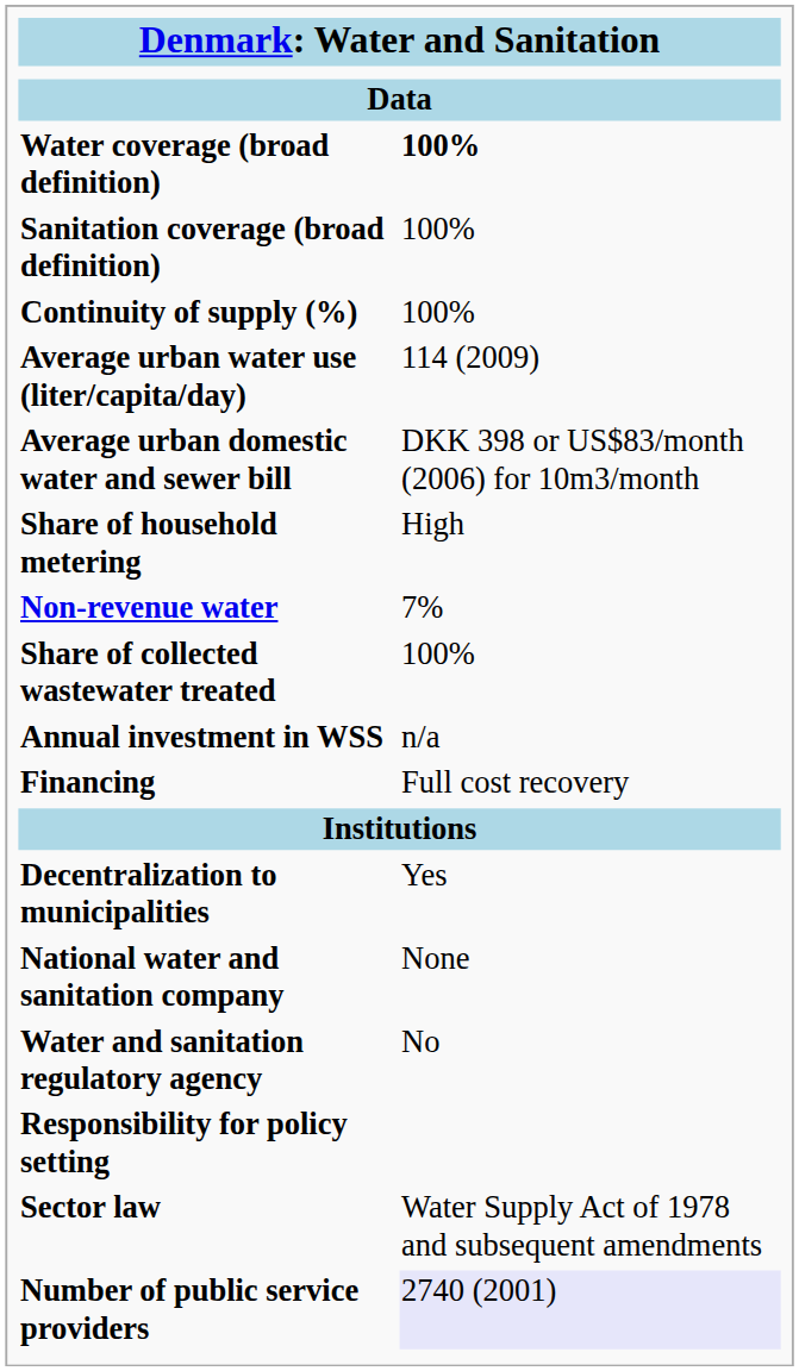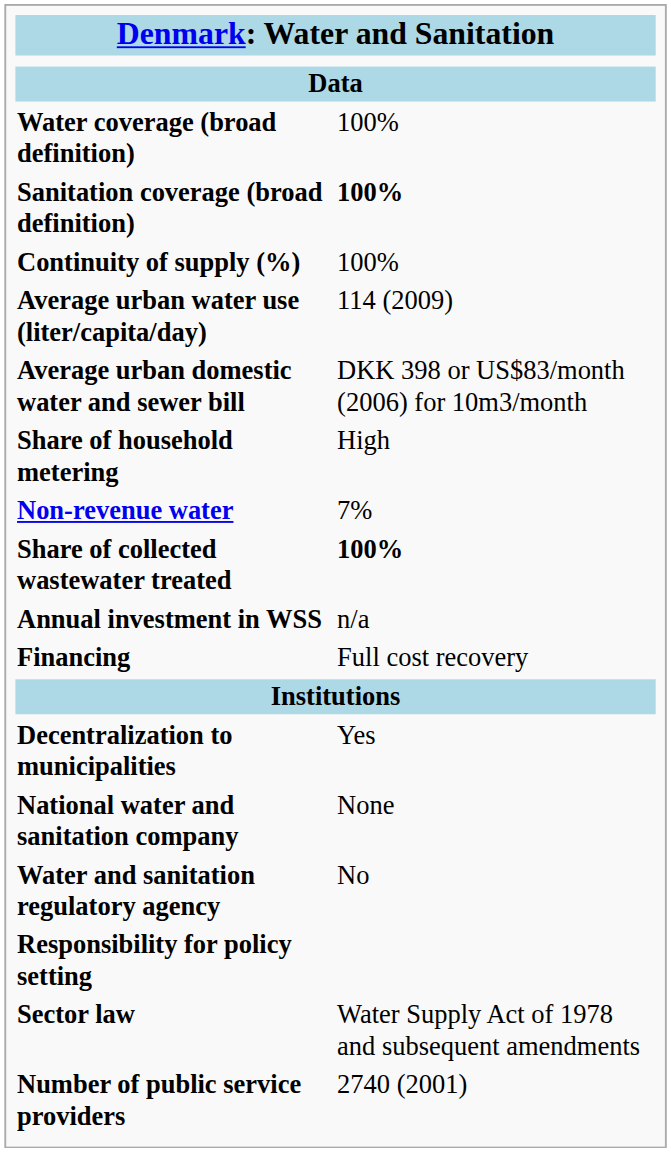 <table style="width: 25em; font-size: 90%; text-align: left;" class="infobox">
 <tr>
 <th align="center" bgcolor="lightblue" colspan="2"><big><a href='#'>Denmark</a>: Water and Sanitation</big></th>
 </tr>
 <tr>
 <td colspan="2" style="text-align:center"></td>
 </tr>
 <tr>
 <th align="center" bgcolor="lightblue" colspan="3">Data</th>
 </tr>
 <tr>
 <th align="left" valign="top">Water coverage (broad definition)</th>
-<td valign="top"><strong>100%</strong></td>
+<td valign="top">100%</td>
 </tr>
 <tr>
 <th align="left" valign="top">Sanitation coverage (broad definition)</th>
-<td valign="top">100%</td>
+<td valign="top"><strong>100%</strong></td>
 </tr>
 <tr>
 <th align="left" valign="top">Continuity of supply (%)</th>
 <td valign="top">100%</td>
 </tr>
 <tr>
 <th align="left" valign="top">Average urban water use (liter/capita/day)</th>
 <td valign="top">114 (2009) </td>
 </tr>
 <tr>
 <th align="left" valign="top">Average urban domestic water and sewer bill</th>
 <td valign="top">DKK 398 or US$83/month (2006) for 10m3/month</td>
 </tr>
 <tr>
 <th align="left" valign="top">Share of household metering</th>
 <td valign="top">High</td>
 </tr>
 <tr>
 <th align="left" valign="top"><a href='#'>Non-revenue water</a></th>
 <td valign="top">7% </td>
 </tr>
 <tr>
 <th align="left" valign="top">Share of collected wastewater treated</th>
-<td valign="top">100%</td>
+<td valign="top"><strong>100%</strong></td>
 </tr>
 <tr>
 <th align="left" valign="top">Annual investment in WSS</th>
 <td valign="top">n/a</td>
 </tr>
 <tr>
 <th align="left" valign="top">Financing</th>
 <td valign="top">Full cost recovery</td>
 </tr>
 <tr>
 <th align="center" bgcolor="lightblue" colspan="3">Institutions</th>
 </tr>
 <tr>
 <th align="left" valign="top">Decentralization to municipalities</th>
 <td valign="top">Yes</td>
 </tr>
 <tr>
 <th align="left" valign="top">National water and sanitation company</th>
 <td valign="top">None</td>
 </tr>
 <tr>
 <th align="left" valign="top">Water and sanitation regulatory agency</th>
 <td valign="top">No</td>
 </tr>
 <tr>
 <th align="left" valign="top">Responsibility for policy setting</th>
 <td valign="top"></td>
 </tr>
 <tr>
 <th align="left" valign="top">Sector law</th>
 <td valign="top">Water Supply Act of 1978 and subsequent amendments</td>
 </tr>
 <tr>
 <th align="left" valign="top">Number of public service providers</th>
-<td valign="top" style="background: lavender;">2740 (2001)</td>
+<td valign="top">2740 (2001)</td>
 </tr>
 <tr>
 </tr>
 </table>
